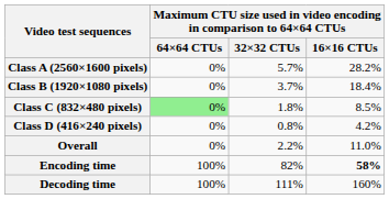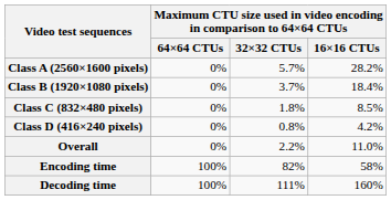 <table class="wikitable" style="text-align:right; ">
 <tr>
 <th rowspan="2">Video test sequences</th>
 <th colspan="3">Maximum CTU size used in video encoding<br>in comparison to 64×64 CTUs</th>
 </tr>
 <tr>
 <th>64×64 CTUs</th>
 <th>32×32 CTUs</th>
 <th>16×16 CTUs</th>
 </tr>
 <tr>
 <th>Class A (2560×1600 pixels)</th>
 <td>0%</td>
 <td>5.7%</td>
 <td>28.2%</td>
 </tr>
 <tr>
 <th>Class B (1920×1080 pixels)</th>
 <td>0%</td>
 <td>3.7%</td>
 <td>18.4%</td>
 </tr>
 <tr>
 <th>Class C (832×480 pixels)</th>
-<td style="background: lightgreen;">0%</td>
+<td>0%</td>
 <td>1.8%</td>
 <td>8.5%</td>
 </tr>
 <tr>
 <th>Class D (416×240 pixels)</th>
 <td>0%</td>
 <td>0.8%</td>
 <td>4.2%</td>
 </tr>
 <tr>
 <th>Overall</th>
 <td>0%</td>
 <td>2.2%</td>
 <td>11.0%</td>
 </tr>
 <tr>
 <th>Encoding time</th>
 <td>100%</td>
 <td>82%</td>
-<td><strong>58%</strong></td>
+<td>58%</td>
 </tr>
 <tr>
 <th>Decoding time</th>
 <td>100%</td>
 <td>111%</td>
 <td>160%</td>
 </tr>
 </table>
